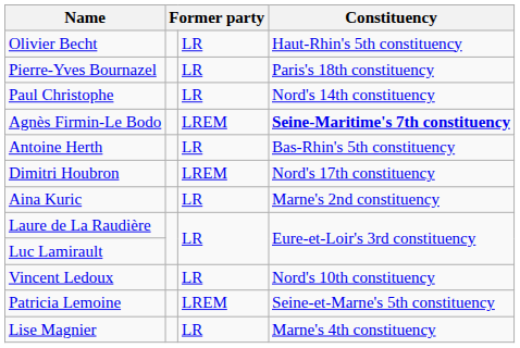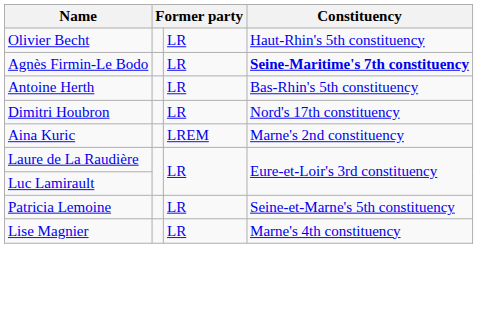 <table class="wikitable sortable">
 <tr>
 <th>Name</th>
 <th colspan="2">Former party</th>
 <th>Constituency</th>
 </tr>
 <tr>
 <td><a href='#'>Olivier Becht</a></td>
 <td style="background-color: "></td>
 <td><a href='#'>LR</a></td>
 <td><a href='#'>Haut-Rhin's 5th constituency</a></td>
 </tr>
 <tr>
-<td><a href='#'>Pierre-Yves Bournazel</a></td>
+<td><a href='#'>Agnès Firmin-Le Bodo</a></td>
 <td style="background-color: "></td>
 <td><a href='#'>LR</a></td>
-<td><a href='#'>Paris's 18th constituency</a></td>
-</tr>
-<tr>
-<td><a href='#'>Paul Christophe</a></td>
-<td style="background-color: "></td>
-<td><a href='#'>LR</a></td>
-<td><a href='#'>Nord's 14th constituency</a></td>
-</tr>
-<tr>
-<td><a href='#'>Agnès Firmin-Le Bodo</a></td>
-<td style="background-color: "></td>
-<td><a href='#'>LREM</a></td>
 <td><strong><a href='#'>Seine-Maritime's 7th constituency</a></strong></td>
 </tr>
 <tr>
 <td><a href='#'>Antoine Herth</a></td>
 <td style="background-color: "></td>
 <td><a href='#'>LR</a></td>
 <td><a href='#'>Bas-Rhin's 5th constituency</a></td>
 </tr>
 <tr>
 <td><a href='#'>Dimitri Houbron</a></td>
 <td style="background-color: "></td>
-<td><a href='#'>LREM</a></td>
+<td><a href='#'>LR</a></td>
 <td><a href='#'>Nord's 17th constituency</a></td>
 </tr>
 <tr>
 <td><a href='#'>Aina Kuric</a></td>
 <td style="background-color: "></td>
-<td><a href='#'>LR</a></td>
+<td><a href='#'>LREM</a></td>
 <td><a href='#'>Marne's 2nd constituency</a></td>
 </tr>
 <tr>
 <td><a href='#'>Laure de La Raudière</a></td>
 <td rowspan="2" style="background-color: "></td>
 <td rowspan="2"><a href='#'>LR</a></td>
 <td rowspan="2"><a href='#'>Eure-et-Loir's 3rd constituency</a></td>
 </tr>
 <tr>
 <td><a href='#'>Luc Lamirault</a></td>
 </tr>
 <tr>
-<td><a href='#'>Vincent Ledoux</a></td>
+<td><a href='#'>Patricia Lemoine</a></td>
 <td style="background-color: "></td>
 <td><a href='#'>LR</a></td>
-<td><a href='#'>Nord's 10th constituency</a></td>
-</tr>
-<tr>
-<td><a href='#'>Patricia Lemoine</a></td>
-<td style="background-color: "></td>
-<td><a href='#'>LREM</a></td>
 <td><a href='#'>Seine-et-Marne's 5th constituency</a></td>
 </tr>
 <tr>
 <td><a href='#'>Lise Magnier</a></td>
 <td style="background-color: "></td>
 <td><a href='#'>LR</a></td>
 <td><a href='#'>Marne's 4th constituency</a></td>
 </tr>
 </table>
